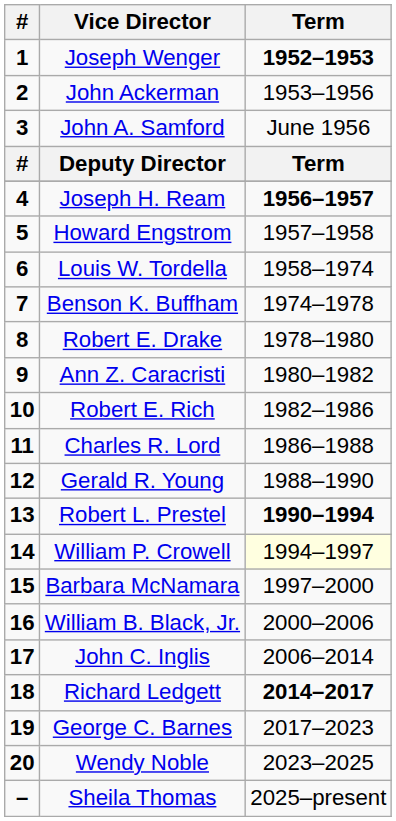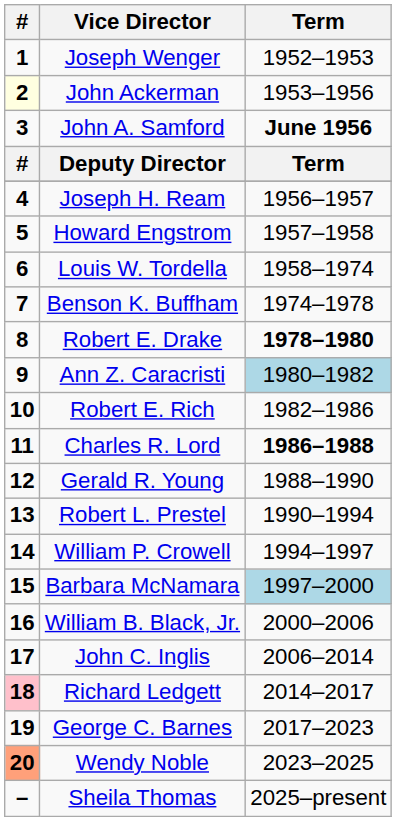 <table class="wikitable" style="text-align:center">
 <tr>
 <th>#</th>
 <th>Vice Director</th>
 <th>Term</th>
 </tr>
 <tr>
 <td><strong>1</strong></td>
 <td><a href='#'>Joseph Wenger</a></td>
-<td><strong>1952–1953</strong></td>
+<td>1952–1953</td>
 </tr>
 <tr>
-<td><strong>2</strong></td>
+<td style="background: lightyellow;"><strong>2</strong></td>
 <td><a href='#'>John Ackerman</a></td>
 <td>1953–1956</td>
 </tr>
 <tr>
 <td><strong>3</strong></td>
 <td><a href='#'>John A. Samford</a></td>
-<td>June 1956</td>
+<td><strong>June 1956</strong></td>
 </tr>
 <tr>
 <th>#</th>
 <th>Deputy Director</th>
 <th>Term</th>
 </tr>
 <tr>
 </tr>
 <tr>
 <td><strong>4</strong></td>
 <td><a href='#'>Joseph H. Ream</a></td>
-<td><strong>1956–1957</strong></td>
+<td>1956–1957</td>
 </tr>
 <tr>
 <td><strong>5</strong></td>
 <td><a href='#'>Howard Engstrom</a></td>
 <td>1957–1958</td>
 </tr>
 <tr>
 <td><strong>6</strong></td>
 <td><a href='#'>Louis W. Tordella</a></td>
 <td>1958–1974</td>
 </tr>
 <tr>
 <td><strong>7</strong></td>
 <td><a href='#'>Benson K. Buffham</a></td>
 <td>1974–1978</td>
 </tr>
 <tr>
 <td><strong>8</strong></td>
 <td><a href='#'>Robert E. Drake</a></td>
-<td>1978–1980</td>
+<td><strong>1978–1980</strong></td>
 </tr>
 <tr>
 <td><strong>9</strong></td>
 <td><a href='#'>Ann Z. Caracristi</a></td>
-<td>1980–1982</td>
+<td style="background: lightblue;">1980–1982</td>
 </tr>
 <tr>
 <td><strong>10</strong></td>
 <td><a href='#'>Robert E. Rich</a></td>
 <td>1982–1986</td>
 </tr>
 <tr>
 <td><strong>11</strong></td>
 <td><a href='#'>Charles R. Lord</a></td>
-<td>1986–1988</td>
+<td><strong>1986–1988</strong></td>
 </tr>
 <tr>
 <td><strong>12</strong></td>
 <td><a href='#'>Gerald R. Young</a></td>
 <td>1988–1990</td>
 </tr>
 <tr>
 <td><strong>13</strong></td>
 <td><a href='#'>Robert L. Prestel</a></td>
-<td><strong>1990–1994</strong></td>
+<td>1990–1994</td>
 </tr>
 <tr>
 <td><strong>14</strong></td>
 <td><a href='#'>William P. Crowell</a></td>
-<td style="background: lightyellow;">1994–1997</td>
+<td>1994–1997</td>
 </tr>
 <tr>
 <td><strong>15</strong></td>
 <td><a href='#'>Barbara McNamara</a></td>
-<td>1997–2000</td>
+<td style="background: lightblue;">1997–2000</td>
 </tr>
 <tr>
 <td><strong>16</strong></td>
 <td><a href='#'>William B. Black, Jr.</a></td>
 <td>2000–2006</td>
 </tr>
 <tr>
 <td><strong>17</strong></td>
 <td><a href='#'>John C. Inglis</a></td>
 <td>2006–2014</td>
 </tr>
 <tr>
-<td><strong>18</strong></td>
+<td style="background: pink;"><strong>18</strong></td>
 <td><a href='#'>Richard Ledgett</a></td>
-<td><strong>2014–2017</strong></td>
+<td>2014–2017</td>
 </tr>
 <tr>
 <td><strong>19</strong></td>
 <td><a href='#'>George C. Barnes</a></td>
 <td>2017–2023</td>
 </tr>
 <tr>
-<td><strong>20</strong></td>
+<td style="background: lightsalmon;"><strong>20</strong></td>
 <td><a href='#'>Wendy Noble</a></td>
 <td>2023–2025</td>
 </tr>
 <tr>
 <td><strong>–</strong></td>
 <td><a href='#'>Sheila Thomas</a></td>
 <td>2025–present</td>
 </tr>
 </table>
